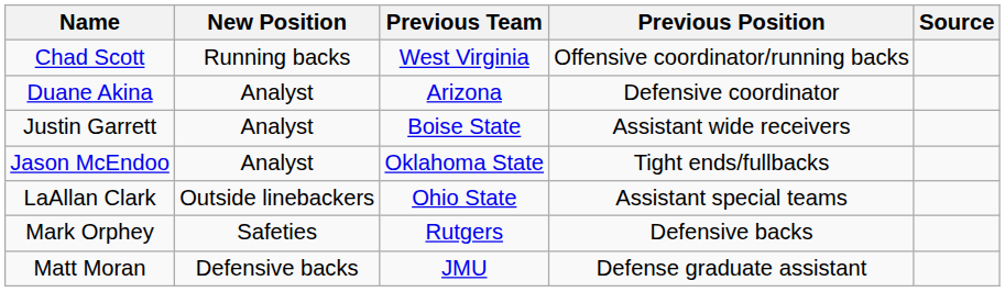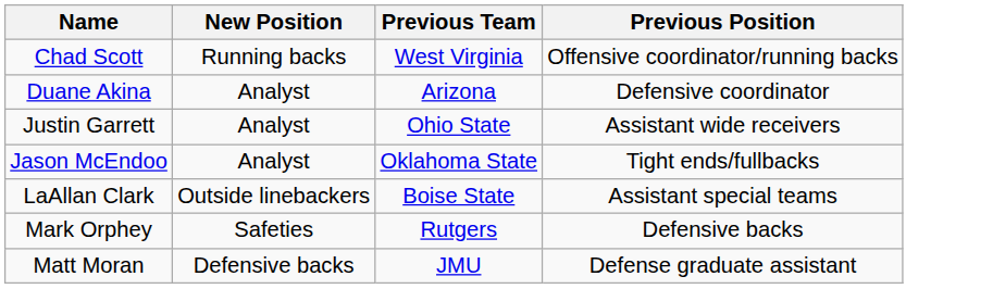 <table class="wikitable">
 <tr>
 <th style="text-align:center; ">Name</th>
 <th style="text-align:center; ">New Position</th>
 <th style="text-align:center; ">Previous Team</th>
 <th style="text-align:center; ">Previous Position</th>
-<th style="text-align:center; ">Source</th>
 </tr>
 <tr align="center">
 <td><a href='#'>Chad Scott</a></td>
 <td>Running backs</td>
 <td><a href='#'>West Virginia</a></td>
 <td>Offensive coordinator/running backs</td>
-<td></td>
 </tr>
 <tr align="center">
 <td><a href='#'>Duane Akina</a></td>
 <td>Analyst</td>
 <td><a href='#'>Arizona</a></td>
 <td>Defensive coordinator</td>
-<td></td>
 </tr>
 <tr align="center">
 <td>Justin Garrett</td>
 <td>Analyst</td>
-<td><a href='#'>Boise State</a></td>
+<td><a href='#'>Ohio State</a></td>
 <td>Assistant wide receivers</td>
-<td></td>
 </tr>
 <tr align="center">
 <td><a href='#'>Jason McEndoo</a></td>
 <td>Analyst</td>
 <td><a href='#'>Oklahoma State</a></td>
 <td>Tight ends/fullbacks</td>
-<td></td>
 </tr>
 <tr align="center">
 <td>LaAllan Clark</td>
 <td>Outside linebackers</td>
-<td><a href='#'>Ohio State</a></td>
+<td><a href='#'>Boise State</a></td>
 <td>Assistant special teams</td>
-<td></td>
 </tr>
 <tr align="center">
 <td>Mark Orphey</td>
 <td>Safeties</td>
 <td><a href='#'>Rutgers</a></td>
 <td>Defensive backs</td>
-<td></td>
 </tr>
 <tr align="center">
 <td>Matt Moran</td>
 <td>Defensive backs</td>
 <td><a href='#'>JMU</a></td>
 <td>Defense graduate assistant</td>
-<td></td>
 </tr>
 </table>
